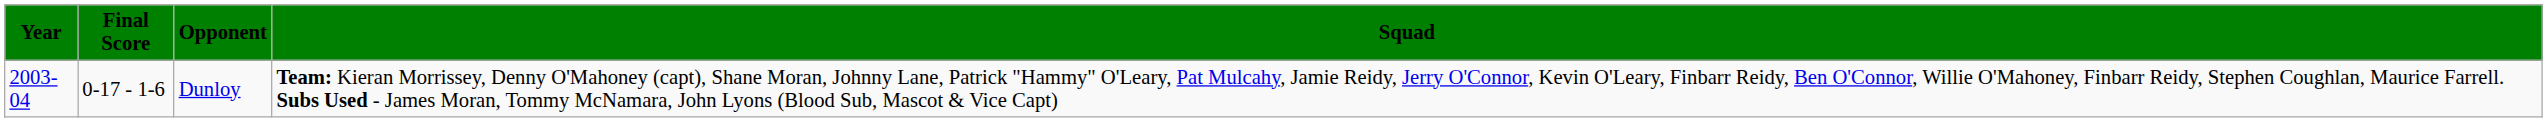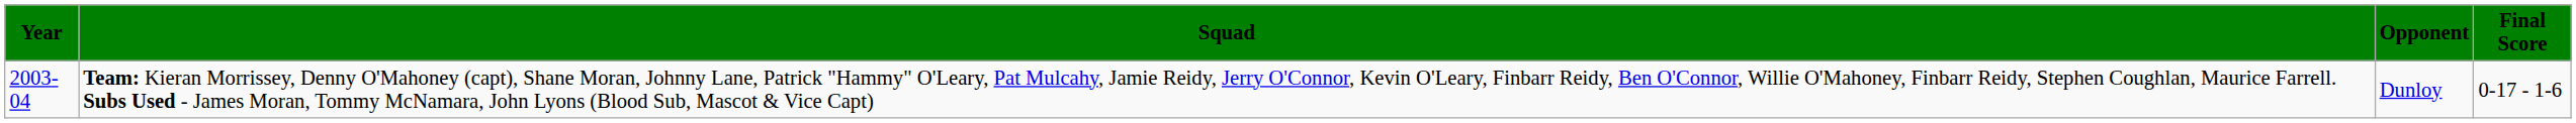 <table class="wikitable">
 <tr>
 <th style="background:green;">Year</th>
+<th style="background:green;">Squad</th>
+<th style="background:green;">Opponent</th>
 <th style="background:green;">Final Score</th>
-<th style="background:green;">Opponent</th>
-<th style="background:green;">Squad</th>
 </tr>
 <tr>
 <td><a href='#'>2003-04</a></td>
+<td><strong>Team:</strong>  Kieran Morrissey, Denny O'Mahoney (capt), Shane Moran, Johnny Lane, Patrick "Hammy" O'Leary, <a href='#'>Pat Mulcahy</a>, Jamie Reidy, <a href='#'>Jerry O'Connor</a>, Kevin O'Leary, Finbarr Reidy, <a href='#'>Ben O'Connor</a>, Willie O'Mahoney, Finbarr Reidy, Stephen Coughlan, Maurice Farrell. <strong>Subs Used</strong> - James Moran, Tommy McNamara, John Lyons (Blood Sub, Mascot & Vice Capt)</td>
+<td><a href='#'>Dunloy</a></td>
 <td>0-17 - 1-6</td>
-<td><a href='#'>Dunloy</a></td>
-<td><strong>Team:</strong>  Kieran Morrissey, Denny O'Mahoney (capt), Shane Moran, Johnny Lane, Patrick "Hammy" O'Leary, <a href='#'>Pat Mulcahy</a>, Jamie Reidy, <a href='#'>Jerry O'Connor</a>, Kevin O'Leary, Finbarr Reidy, <a href='#'>Ben O'Connor</a>, Willie O'Mahoney, Finbarr Reidy, Stephen Coughlan, Maurice Farrell. <strong>Subs Used</strong> - James Moran, Tommy McNamara, John Lyons (Blood Sub, Mascot & Vice Capt)</td>
 </tr>
 </table>
